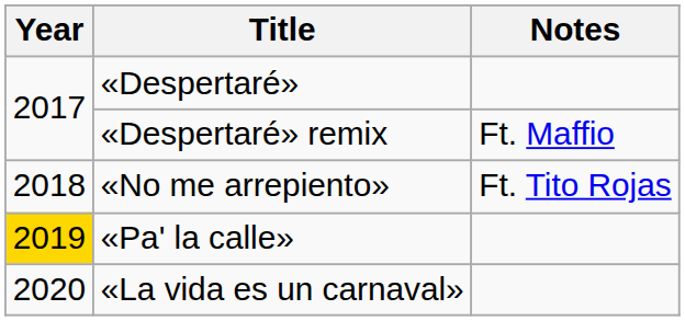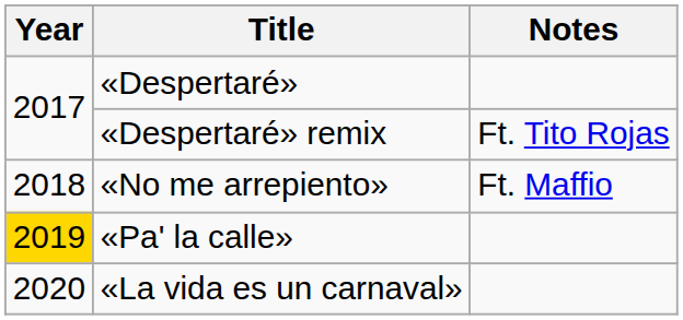 <table class="wikitable">
 <tr>
 <th>Year</th>
 <th>Title</th>
 <th>Notes</th>
 </tr>
 <tr>
 <td rowspan="2">2017</td>
 <td>«Despertaré»</td>
 <td></td>
 </tr>
 <tr>
 <td>«Despertaré» remix</td>
-<td>Ft. <a href='#'>Maffio</a></td>
+<td>Ft. <a href='#'>Tito Rojas</a></td>
 </tr>
 <tr>
 <td>2018</td>
 <td>«No me arrepiento»</td>
-<td>Ft. <a href='#'>Tito Rojas</a></td>
+<td>Ft. <a href='#'>Maffio</a></td>
 </tr>
 <tr>
 <td style="background: gold;">2019</td>
 <td>«Pa' la calle»</td>
 <td></td>
 </tr>
 <tr>
 <td>2020</td>
 <td>«La vida es un carnaval»</td>
 <td></td>
 </tr>
 </table>
